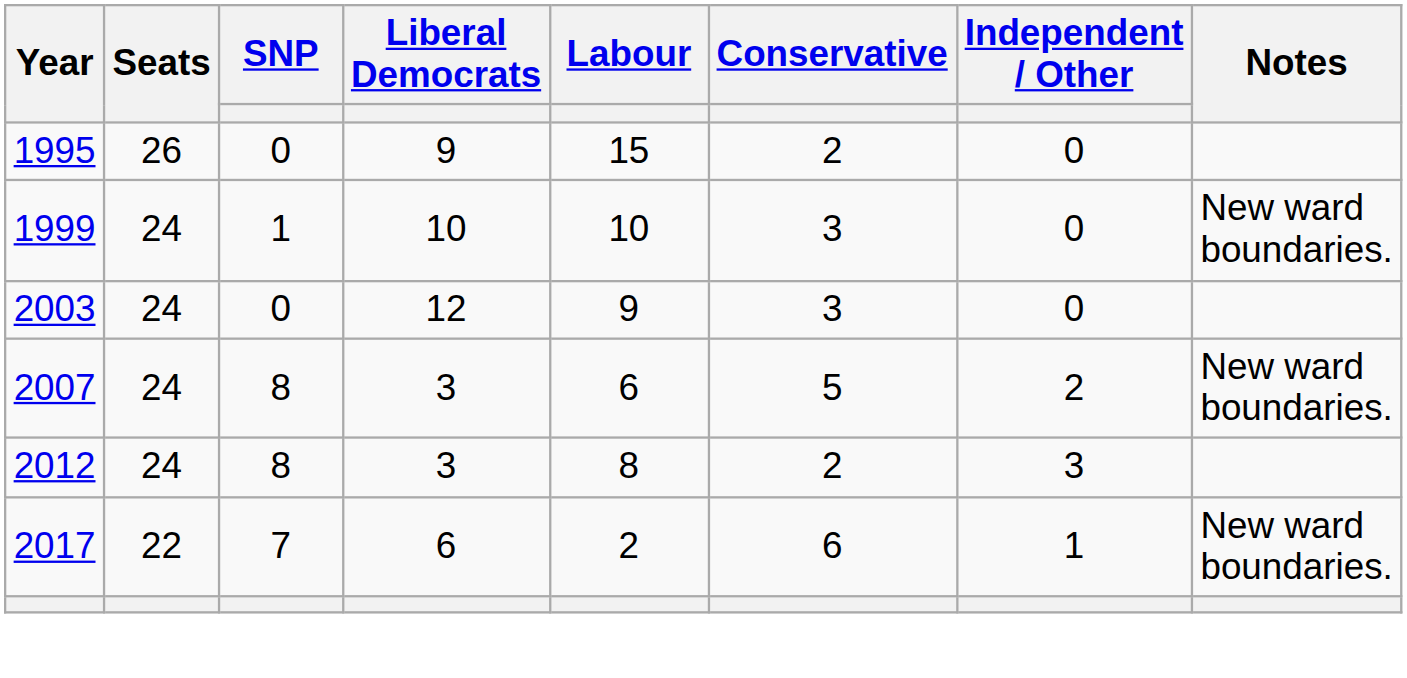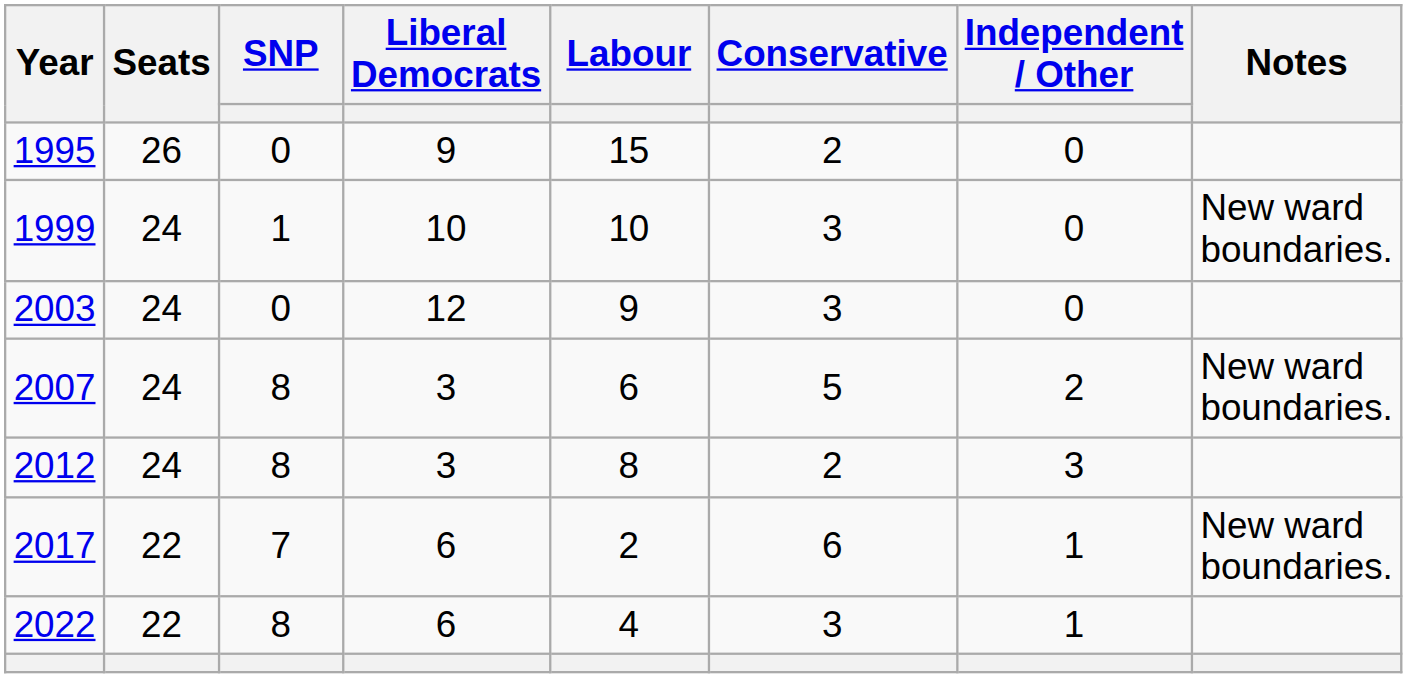 <table class="wikitable" style=text-align:center>
 <tr>
 <th rowspan=2><strong>Year</strong></th>
 <th rowspan=2><strong>Seats</strong></th>
 <th width="80"><a href='#'><strong>SNP</strong></a></th>
 <th width="80"><a href='#'><strong>Liberal Democrats</strong></a></th>
 <th width="80"><a href='#'><strong>Labour</strong></a></th>
 <th width="80"><a href='#'><strong>Conservative</strong></a></th>
 <th width="80"><a href='#'><strong>Independent / Other</strong></a></th>
 <th rowspan=2><strong>Notes</strong></th>
 </tr>
 <tr>
 <th style="background-color: "></th>
 <th style="background-color: "></th>
 <th style="background-color: "></th>
 <th style="background-color: "></th>
 <th style="background-color: "></th>
 </tr>
 <tr>
 <td><a href='#'>1995</a></td>
 <td>26</td>
 <td>0</td>
 <td>9</td>
 <td>15</td>
 <td>2</td>
 <td>0</td>
 <td align=left></td>
 </tr>
 <tr>
 <td><a href='#'>1999</a></td>
 <td>24</td>
 <td>1</td>
 <td>10</td>
 <td>10</td>
 <td>3</td>
 <td>0</td>
 <td align=left>New ward boundaries.</td>
 </tr>
 <tr>
 <td><a href='#'>2003</a></td>
 <td>24</td>
 <td>0</td>
 <td>12</td>
 <td>9</td>
 <td>3</td>
 <td>0</td>
 <td align=left></td>
 </tr>
 <tr>
 <td><a href='#'>2007</a></td>
 <td>24</td>
 <td>8</td>
 <td>3</td>
 <td>6</td>
 <td>5</td>
 <td>2</td>
 <td align=left>New ward boundaries.</td>
 </tr>
 <tr>
 <td><a href='#'>2012</a></td>
 <td>24</td>
 <td>8</td>
 <td>3</td>
 <td>8</td>
 <td>2</td>
 <td>3</td>
 <td align=left></td>
 </tr>
 <tr>
 <td><a href='#'>2017</a></td>
 <td>22</td>
 <td>7</td>
 <td>6</td>
 <td>2</td>
 <td>6</td>
 <td>1</td>
 <td align=left>New ward boundaries.</td>
 </tr>
 <tr>
+<td><a href='#'>2022</a></td>
+<td>22</td>
+<td>8</td>
+<td>6</td>
+<td>4</td>
+<td>3</td>
+<td>1</td>
+<td align=left></td>
+</tr>
+<tr>
 <th></th>
 <th></th>
 <th style="background-color: "></th>
 <th style="background-color: "></th>
 <th style="background-color: "></th>
 <th style="background-color: "></th>
 <th style="background-color: "></th>
 <th></th>
 </tr>
 </table>
